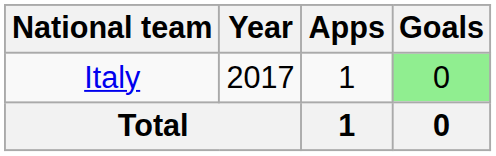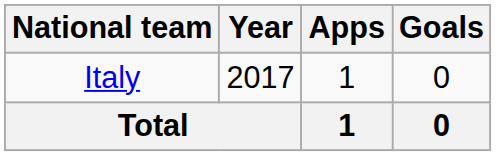 <table class="wikitable" style="text-align:center">
 <tr>
 <th>National team</th>
 <th>Year</th>
 <th>Apps</th>
 <th>Goals</th>
 </tr>
 <tr>
 <td rowspan="1"><a href='#'>Italy</a></td>
 <td>2017</td>
 <td>1</td>
-<td style="background: lightgreen;">0</td>
+<td>0</td>
 </tr>
 <tr>
 <th colspan="2">Total</th>
 <th>1</th>
 <th>0</th>
 </tr>
 </table>
